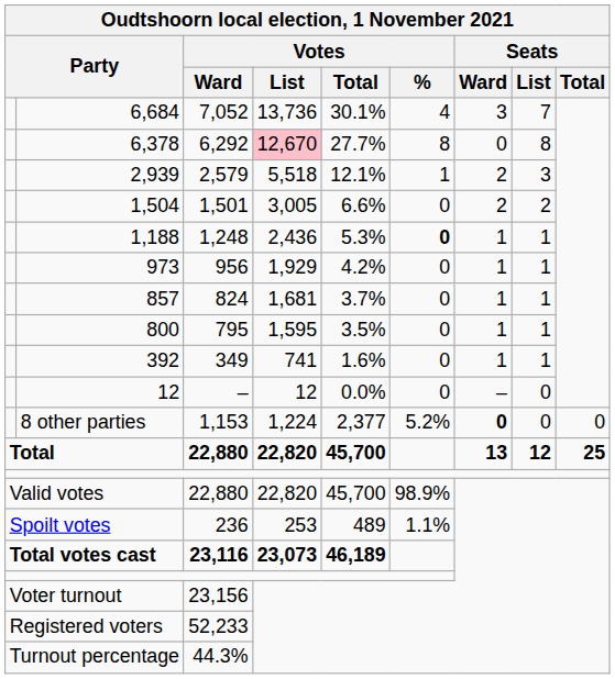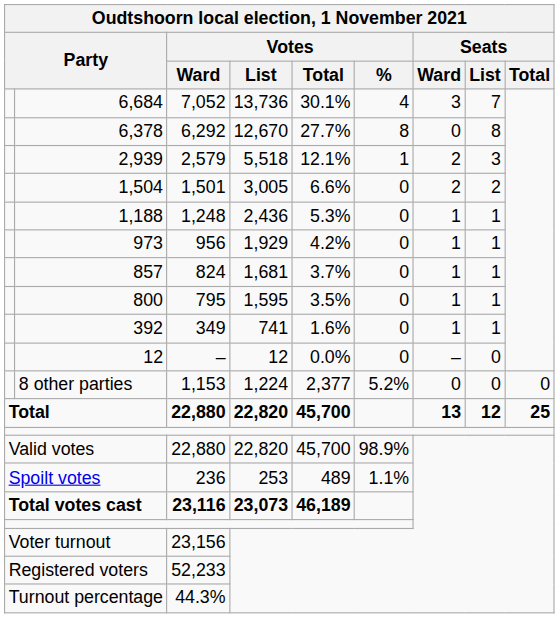 <table class=wikitable style="text-align:right">
 <tr>
 <th colspan="9" align="center">Oudtshoorn local election, 1 November 2021</th>
 </tr>
 <tr>
 <th rowspan="2" colspan="2">Party</th>
 <th colspan="4" align="center">Votes</th>
 <th colspan="3" align="center">Seats</th>
 </tr>
 <tr>
 <th>Ward</th>
 <th>List</th>
 <th>Total</th>
 <th>%</th>
 <th>Ward</th>
 <th>List</th>
 <th>Total</th>
 </tr>
 <tr>
 <td></td>
 <td>6,684</td>
 <td>7,052</td>
 <td>13,736</td>
 <td>30.1%</td>
 <td>4</td>
 <td>3</td>
 <td>7</td>
 </tr>
 <tr>
 <td></td>
 <td>6,378</td>
 <td>6,292</td>
-<td style="background: pink;">12,670</td>
+<td>12,670</td>
 <td>27.7%</td>
 <td>8</td>
 <td>0</td>
 <td>8</td>
 </tr>
 <tr>
 <td></td>
 <td>2,939</td>
 <td>2,579</td>
 <td>5,518</td>
 <td>12.1%</td>
 <td>1</td>
 <td>2</td>
 <td>3</td>
 </tr>
 <tr>
 <td></td>
 <td>1,504</td>
 <td>1,501</td>
 <td>3,005</td>
 <td>6.6%</td>
 <td>0</td>
 <td>2</td>
 <td>2</td>
 </tr>
 <tr>
 <td></td>
 <td>1,188</td>
 <td>1,248</td>
 <td>2,436</td>
 <td>5.3%</td>
-<td><strong>0</strong></td>
+<td>0</td>
 <td>1</td>
 <td>1</td>
 </tr>
 <tr>
 <td></td>
 <td>973</td>
 <td>956</td>
 <td>1,929</td>
 <td>4.2%</td>
 <td>0</td>
 <td>1</td>
 <td>1</td>
 </tr>
 <tr>
 <td></td>
 <td>857</td>
 <td>824</td>
 <td>1,681</td>
 <td>3.7%</td>
 <td>0</td>
 <td>1</td>
 <td>1</td>
 </tr>
 <tr>
 <td></td>
 <td>800</td>
 <td>795</td>
 <td>1,595</td>
 <td>3.5%</td>
 <td>0</td>
 <td>1</td>
 <td>1</td>
 </tr>
 <tr>
 <td></td>
 <td>392</td>
 <td>349</td>
 <td>741</td>
 <td>1.6%</td>
 <td>0</td>
 <td>1</td>
 <td>1</td>
 </tr>
 <tr>
 <td></td>
 <td>12</td>
 <td>–</td>
 <td>12</td>
 <td>0.0%</td>
 <td>0</td>
 <td>–</td>
 <td>0</td>
 </tr>
 <tr>
 <td></td>
 <td style="text-align:left">8 other parties</td>
 <td>1,153</td>
 <td>1,224</td>
 <td>2,377</td>
 <td>5.2%</td>
-<td><strong>0</strong></td>
+<td>0</td>
 <td>0</td>
 <td>0</td>
 </tr>
 <tr>
 <td colspan="2" style="text-align:left"><strong>Total</strong></td>
 <td><strong>22,880</strong></td>
 <td><strong>22,820</strong></td>
 <td><strong>45,700</strong></td>
 <td></td>
 <td><strong>13</strong></td>
 <td><strong>12</strong></td>
 <td><strong>25</strong></td>
 </tr>
 <tr>
 <td colspan="9"></td>
 </tr>
 <tr>
 <td colspan="2" style="text-align:left">Valid votes</td>
 <td>22,880</td>
 <td>22,820</td>
 <td>45,700</td>
 <td>98.9%</td>
 </tr>
 <tr>
 <td colspan="2" style="text-align:left"><a href='#'>Spoilt votes</a></td>
 <td>236</td>
 <td>253</td>
 <td>489</td>
 <td>1.1%</td>
 </tr>
 <tr>
 <td colspan="2" style="text-align:left"><strong>Total votes cast</strong></td>
 <td><strong>23,116</strong></td>
 <td><strong>23,073</strong></td>
 <td><strong>46,189</strong></td>
 <td></td>
 </tr>
 <tr>
 <td colspan="6"></td>
 </tr>
 <tr>
 <td colspan="2" style="text-align:left">Voter turnout</td>
 <td>23,156</td>
 </tr>
 <tr>
 <td colspan="2" style="text-align:left">Registered voters</td>
 <td>52,233</td>
 </tr>
 <tr>
 <td colspan="2" style="text-align:left">Turnout percentage</td>
 <td>44.3%</td>
 </tr>
 </table>
